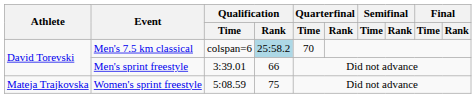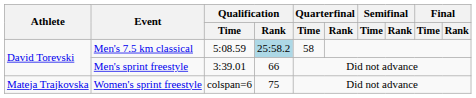 <table class="wikitable" style="font-size:90%">
 <tr>
 <th rowspan="2">Athlete</th>
 <th rowspan="2">Event</th>
 <th colspan="2">Qualification</th>
 <th colspan="2">Quarterfinal</th>
 <th colspan="2">Semifinal</th>
 <th colspan="2">Final</th>
 </tr>
 <tr style="font-size:95%">
 <th>Time</th>
 <th>Rank</th>
 <th>Time</th>
 <th>Rank</th>
 <th>Time</th>
 <th>Rank</th>
 <th>Time</th>
 <th>Rank</th>
 </tr>
 <tr align=center>
 <td align=left rowspan=2><a href='#'>David Torevski</a></td>
 <td align=left><a href='#'>Men's 7.5 km classical</a></td>
-<td>colspan=6</td>
+<td>5:08.59</td>
 <td style="background: lightblue;">25:58.2</td>
-<td>70</td>
+<td>58</td>
 </tr>
 <tr align=center>
 <td align=left><a href='#'>Men's sprint freestyle</a></td>
 <td>3:39.01</td>
 <td>66</td>
 <td colspan=6>Did not advance</td>
 </tr>
 <tr align=center>
 <td align=left><a href='#'>Mateja Trajkovska</a></td>
 <td align=left><a href='#'>Women's sprint freestyle</a></td>
-<td>5:08.59</td>
+<td>colspan=6</td>
 <td>75</td>
 <td colspan=6>Did not advance</td>
 </tr>
 </table>
